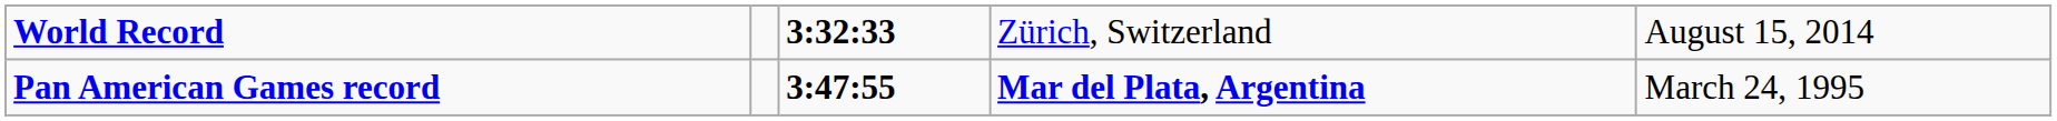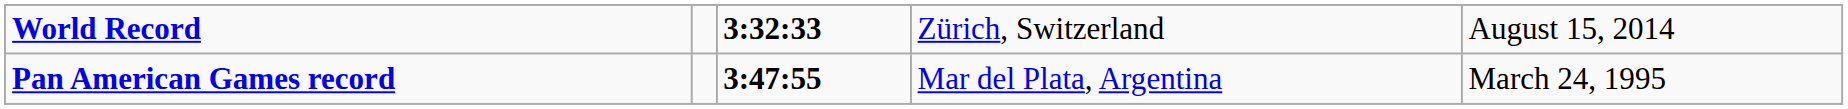 <table class="wikitable" width=75%>
 <tr>
 <td><strong><a href='#'>World Record</a></strong></td>
 <td></td>
 <td><strong>3:32:33</strong></td>
 <td><a href='#'>Zürich</a>, Switzerland</td>
 <td>August 15, 2014</td>
 </tr>
 <tr>
 <td><strong><a href='#'>Pan American Games record</a></strong></td>
 <td></td>
 <td><strong>3:47:55</strong></td>
-<td><strong><a href='#'>Mar del Plata</a>, <a href='#'>Argentina</a></strong></td>
+<td><a href='#'>Mar del Plata</a>, <a href='#'>Argentina</a></td>
 <td>March 24, 1995</td>
 </tr>
 </table>
